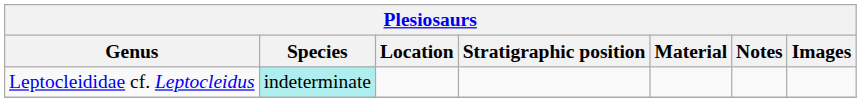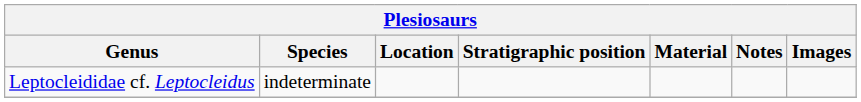 <table class="wikitable" align="center">
 <tr>
 <th colspan="7" align="center"><a href='#'>Plesiosaurs</a></th>
 </tr>
 <tr>
 <th>Genus</th>
 <th>Species</th>
 <th>Location</th>
 <th>Stratigraphic position</th>
 <th>Material</th>
 <th>Notes</th>
 <th>Images</th>
 </tr>
 <tr>
 <td><a href='#'>Leptocleididae</a> cf. <em><a href='#'>Leptocleidus</a></em></td>
-<td style="background: paleturquoise;">indeterminate</td>
+<td>indeterminate</td>
 <td></td>
 <td></td>
 <td></td>
 <td></td>
 <td></td>
 </tr>
 <tr>
 </tr>
 </table>
